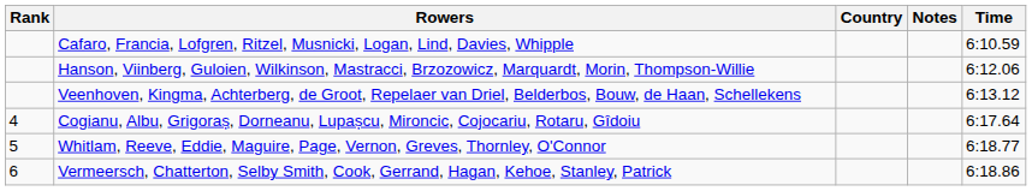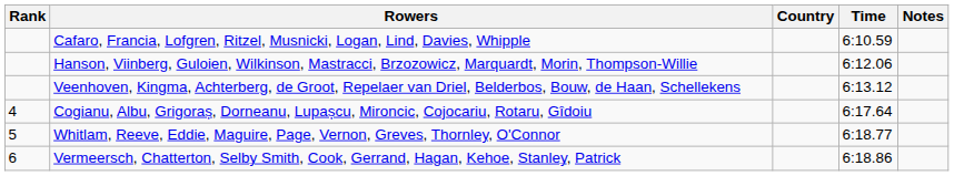 <table class="wikitable sortable" width=80%>
 <tr>
 <th>Rank</th>
 <th>Rowers</th>
 <th>Country</th>
+<th>Time</th>
 <th>Notes</th>
-<th>Time</th>
 </tr>
 <tr>
 <td></td>
 <td><a href='#'>Cafaro</a>, <a href='#'>Francia</a>, <a href='#'>Lofgren</a>, <a href='#'>Ritzel</a>, <a href='#'>Musnicki</a>, <a href='#'>Logan</a>, <a href='#'>Lind</a>, <a href='#'>Davies</a>, <a href='#'>Whipple</a></td>
 <td></td>
+<td>6:10.59</td>
 <td></td>
-<td>6:10.59</td>
 </tr>
 <tr>
 <td></td>
 <td><a href='#'>Hanson</a>, <a href='#'>Viinberg</a>, <a href='#'>Guloien</a>, <a href='#'>Wilkinson</a>, <a href='#'>Mastracci</a>, <a href='#'>Brzozowicz</a>, <a href='#'>Marquardt</a>, <a href='#'>Morin</a>, <a href='#'>Thompson-Willie</a></td>
 <td></td>
+<td>6:12.06</td>
 <td></td>
-<td>6:12.06</td>
 </tr>
 <tr>
 <td></td>
 <td><a href='#'>Veenhoven</a>, <a href='#'>Kingma</a>, <a href='#'>Achterberg</a>, <a href='#'>de Groot</a>, <a href='#'>Repelaer van Driel</a>, <a href='#'>Belderbos</a>, <a href='#'>Bouw</a>, <a href='#'>de Haan</a>, <a href='#'>Schellekens</a></td>
 <td></td>
+<td>6:13.12</td>
 <td></td>
-<td>6:13.12</td>
 </tr>
 <tr>
 <td>4</td>
 <td><a href='#'>Cogianu</a>, <a href='#'>Albu</a>, <a href='#'>Grigoraș</a>, <a href='#'>Dorneanu</a>, <a href='#'>Lupașcu</a>, <a href='#'>Mironcic</a>, <a href='#'>Cojocariu</a>, <a href='#'>Rotaru</a>, <a href='#'>Gîdoiu</a></td>
 <td></td>
+<td>6:17.64</td>
 <td></td>
-<td>6:17.64</td>
 </tr>
 <tr>
 <td>5</td>
 <td><a href='#'>Whitlam</a>, <a href='#'>Reeve</a>, <a href='#'>Eddie</a>, <a href='#'>Maguire</a>, <a href='#'>Page</a>, <a href='#'>Vernon</a>, <a href='#'>Greves</a>, <a href='#'>Thornley</a>, <a href='#'>O'Connor</a></td>
 <td></td>
+<td>6:18.77</td>
 <td></td>
-<td>6:18.77</td>
 </tr>
 <tr>
 <td>6</td>
 <td><a href='#'>Vermeersch</a>, <a href='#'>Chatterton</a>, <a href='#'>Selby Smith</a>, <a href='#'>Cook</a>, <a href='#'>Gerrand</a>, <a href='#'>Hagan</a>, <a href='#'>Kehoe</a>, <a href='#'>Stanley</a>, <a href='#'>Patrick</a></td>
 <td></td>
+<td>6:18.86</td>
 <td></td>
-<td>6:18.86</td>
 </tr>
 </table>
